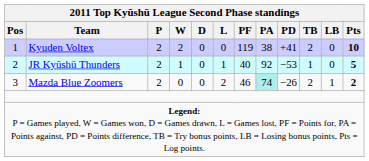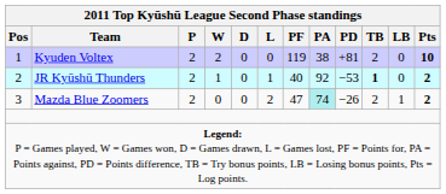 <table class="wikitable" style="text-align:center; font-size:100%; width:60%;">
 <tr>
 <th colspan="100%" cellpadding="0" cellspacing="0"><strong>2011 Top Kyūshū League Second Phase standings</strong></th>
 </tr>
 <tr>
 <th style="width:6%;">Pos</th>
 <th style="width:34%;">Team</th>
 <th style="width:6%;">P</th>
 <th style="width:6%;">W</th>
 <th style="width:6%;">D</th>
 <th style="width:6%;">L</th>
 <th style="width:6%;">PF</th>
 <th style="width:6%;">PA</th>
 <th style="width:6%;">PD</th>
 <th style="width:6%;">TB</th>
 <th style="width:6%;">LB</th>
 <th style="width:6%;">Pts<br></th>
 </tr>
 <tr style="background:#CCCCFF;">
 <td>1</td>
 <td style="text-align:left;"><a href='#'>Kyuden Voltex</a></td>
 <td>2</td>
 <td>2</td>
 <td>0</td>
 <td>0</td>
 <td>119</td>
 <td>38</td>
-<td>+41</td>
+<td>+81</td>
 <td>2</td>
 <td>0</td>
 <td><strong>10</strong></td>
 </tr>
 <tr style="background:#CFFCFF;">
 <td>2</td>
 <td style="text-align:left;"><a href='#'>JR Kyūshū Thunders</a></td>
 <td>2</td>
 <td>1</td>
 <td>0</td>
 <td>1</td>
 <td>40</td>
 <td>92</td>
 <td>−53</td>
-<td>1</td>
+<td><strong>1</strong></td>
 <td>0</td>
-<td><strong>5</strong></td>
+<td><strong>2</strong></td>
 </tr>
 <tr>
 <td>3</td>
 <td style="text-align:left;"><a href='#'>Mazda Blue Zoomers</a></td>
 <td>2</td>
 <td>0</td>
 <td>0</td>
 <td>2</td>
-<td>46</td>
+<td>47</td>
 <td style="background: paleturquoise;">74</td>
 <td>−26</td>
 <td>2</td>
 <td>1</td>
 <td><strong>2</strong></td>
 </tr>
 <tr>
 <td colspan="100%" style="height:10px;"></td>
 </tr>
 <tr>
 <td colspan="100%"><small><strong>Legend:</strong> <br> P = Games played, W = Games won, D = Games drawn, L = Games lost, PF = Points for, PA = Points against, PD = Points difference, TB = Try bonus points, LB = Losing bonus points, Pts = Log points.</small></td>
 </tr>
 </table>
